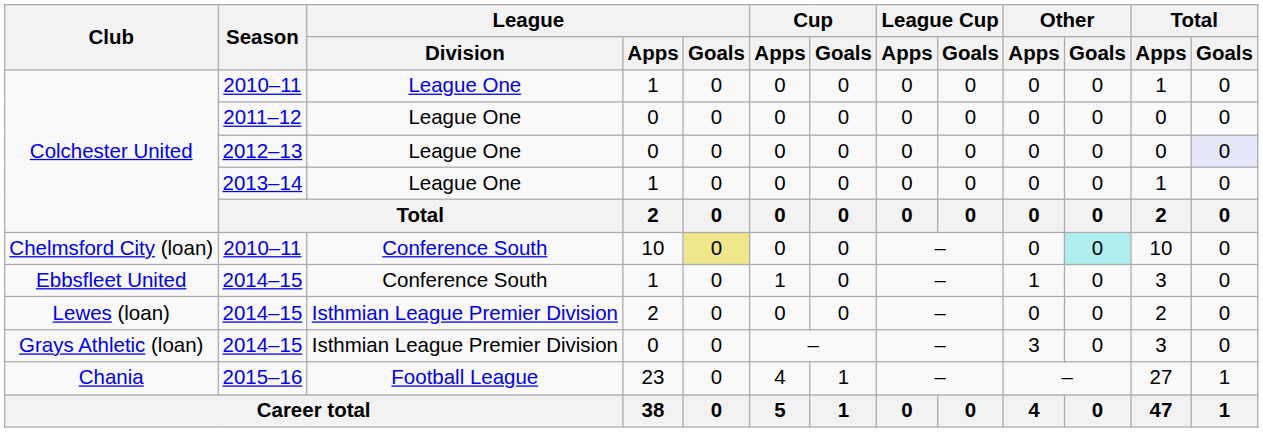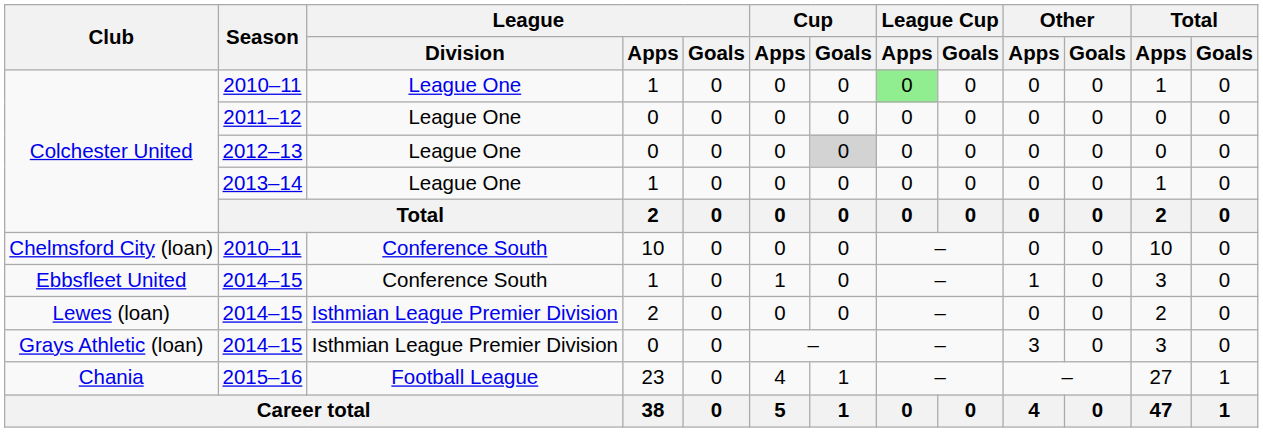 <table class="wikitable" style="text-align: center;">
 <tr>
 <th rowspan="2">Club</th>
 <th rowspan="2">Season</th>
 <th colspan="3">League</th>
 <th colspan="2">Cup</th>
 <th colspan="2">League Cup</th>
 <th colspan="2">Other</th>
 <th colspan="2">Total</th>
 </tr>
 <tr>
 <th>Division</th>
 <th>Apps</th>
 <th>Goals</th>
 <th>Apps</th>
 <th>Goals</th>
 <th>Apps</th>
 <th>Goals</th>
 <th>Apps</th>
 <th>Goals</th>
 <th>Apps</th>
 <th>Goals</th>
 </tr>
 <tr>
 <td rowspan="5"><a href='#'>Colchester United</a></td>
 <td><a href='#'>2010–11</a></td>
 <td><a href='#'>League One</a></td>
 <td>1</td>
 <td>0</td>
 <td>0</td>
 <td>0</td>
-<td>0</td>
+<td style="background: lightgreen;">0</td>
 <td>0</td>
 <td>0</td>
 <td>0</td>
 <td>1</td>
 <td>0</td>
 </tr>
 <tr>
 <td><a href='#'>2011–12</a></td>
 <td>League One</td>
 <td>0</td>
 <td>0</td>
 <td>0</td>
 <td>0</td>
 <td>0</td>
 <td>0</td>
 <td>0</td>
 <td>0</td>
 <td>0</td>
 <td>0</td>
 </tr>
 <tr>
 <td><a href='#'>2012–13</a></td>
 <td>League One</td>
 <td>0</td>
 <td>0</td>
 <td>0</td>
+<td style="background: lightgrey;">0</td>
 <td>0</td>
 <td>0</td>
 <td>0</td>
 <td>0</td>
 <td>0</td>
 <td>0</td>
-<td style="background: lavender;">0</td>
 </tr>
 <tr>
 <td><a href='#'>2013–14</a></td>
 <td>League One</td>
 <td>1</td>
 <td>0</td>
 <td>0</td>
 <td>0</td>
 <td>0</td>
 <td>0</td>
 <td>0</td>
 <td>0</td>
 <td>1</td>
 <td>0</td>
 </tr>
 <tr>
 <th colspan="2">Total</th>
 <th>2</th>
 <th>0</th>
 <th>0</th>
 <th>0</th>
 <th>0</th>
 <th>0</th>
 <th>0</th>
 <th>0</th>
 <th>2</th>
 <th>0</th>
 </tr>
 <tr>
 <td><a href='#'>Chelmsford City</a> (loan)</td>
 <td><a href='#'>2010–11</a></td>
 <td><a href='#'>Conference South</a></td>
 <td>10</td>
-<td style="background: khaki;">0</td>
+<td>0</td>
 <td>0</td>
 <td>0</td>
 <td colspan="2">–</td>
 <td>0</td>
-<td style="background: paleturquoise;">0</td>
+<td>0</td>
 <td>10</td>
 <td>0</td>
 </tr>
 <tr>
 <td><a href='#'>Ebbsfleet United</a></td>
 <td><a href='#'>2014–15</a></td>
 <td>Conference South</td>
 <td>1</td>
 <td>0</td>
 <td>1</td>
 <td>0</td>
 <td colspan="2">–</td>
 <td>1</td>
 <td>0</td>
 <td>3</td>
 <td>0</td>
 </tr>
 <tr>
 <td><a href='#'>Lewes</a> (loan)</td>
 <td><a href='#'>2014–15</a></td>
 <td><a href='#'>Isthmian League Premier Division</a></td>
 <td>2</td>
 <td>0</td>
 <td>0</td>
 <td>0</td>
 <td colspan="2">–</td>
 <td>0</td>
 <td>0</td>
 <td>2</td>
 <td>0</td>
 </tr>
 <tr>
 <td><a href='#'>Grays Athletic</a> (loan)</td>
 <td><a href='#'>2014–15</a></td>
 <td>Isthmian League Premier Division</td>
 <td>0</td>
 <td>0</td>
 <td colspan="2">–</td>
 <td colspan="2">–</td>
 <td>3</td>
 <td>0</td>
 <td>3</td>
 <td>0</td>
 </tr>
 <tr>
 <td><a href='#'>Chania</a></td>
 <td><a href='#'>2015–16</a></td>
 <td><a href='#'>Football League</a></td>
 <td>23</td>
 <td>0</td>
 <td>4</td>
 <td>1</td>
 <td colspan="2">–</td>
 <td colspan="2">–</td>
 <td>27</td>
 <td>1</td>
 </tr>
 <tr>
 <th colspan="3">Career total</th>
 <th>38</th>
 <th>0</th>
 <th>5</th>
 <th>1</th>
 <th>0</th>
 <th>0</th>
 <th>4</th>
 <th>0</th>
 <th>47</th>
 <th>1</th>
 </tr>
 </table>
